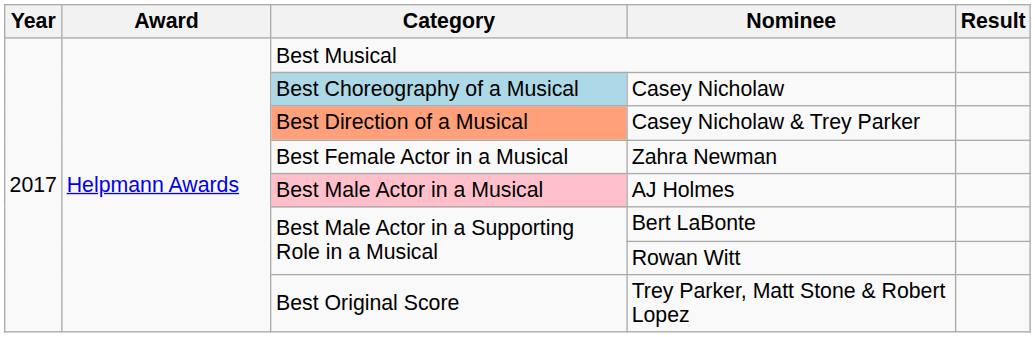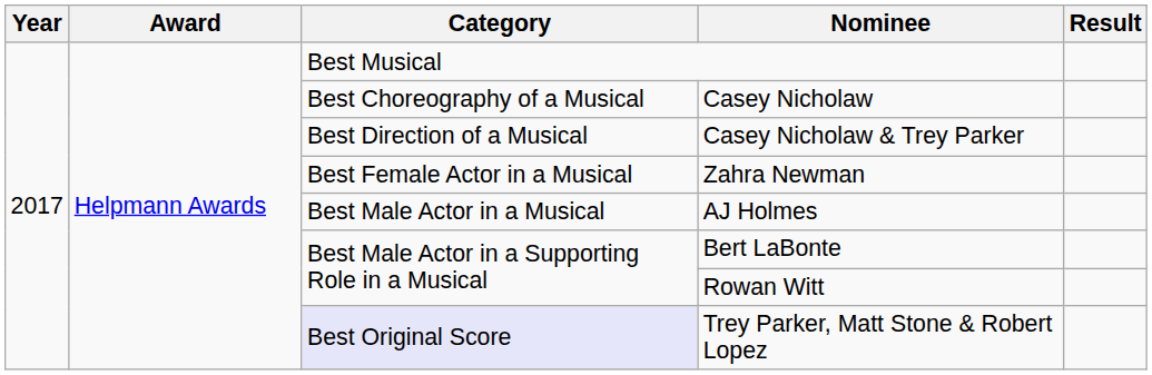 <table class="wikitable">
 <tr style="vertical-align:bottom;">
 <th width="10">Year</th>
 <th width="150">Award</th>
 <th width="260">Category</th>
 <th width="240">Nominee</th>
 <th width="30">Result</th>
 </tr>
 <tr>
 <td rowspan="8" style="text-align:center;">2017</td>
 <td rowspan="8"><a href='#'>Helpmann Awards</a></td>
 <td colspan="2">Best Musical</td>
 <td></td>
 </tr>
 <tr>
-<td style="background: lightblue;">Best Choreography of a Musical</td>
+<td>Best Choreography of a Musical</td>
 <td>Casey Nicholaw</td>
 <td></td>
 </tr>
 <tr>
-<td style="background: lightsalmon;">Best Direction of a Musical</td>
+<td>Best Direction of a Musical</td>
 <td>Casey Nicholaw & Trey Parker</td>
 <td></td>
 </tr>
 <tr>
 <td>Best Female Actor in a Musical</td>
 <td>Zahra Newman</td>
 <td></td>
 </tr>
 <tr>
-<td style="background: pink;">Best Male Actor in a Musical</td>
+<td>Best Male Actor in a Musical</td>
 <td>AJ Holmes</td>
 <td></td>
 </tr>
 <tr>
 <td rowspan="2">Best Male Actor in a Supporting Role in a Musical</td>
 <td>Bert LaBonte</td>
 <td></td>
 </tr>
 <tr>
 <td>Rowan Witt</td>
 <td></td>
 </tr>
 <tr>
-<td>Best Original Score</td>
+<td style="background: lavender;">Best Original Score</td>
 <td>Trey Parker, Matt Stone & Robert Lopez</td>
 <td></td>
 </tr>
 </table>
